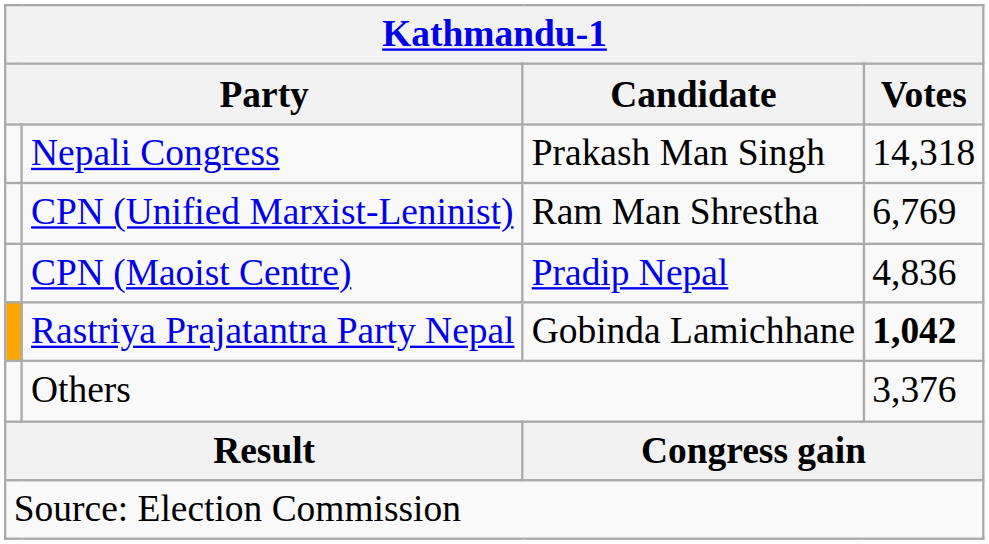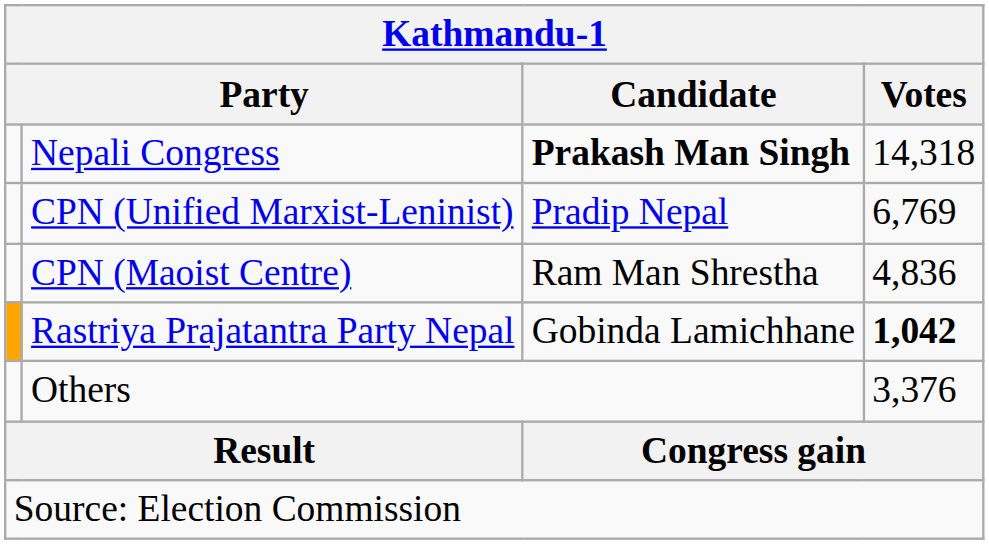 <table class="wikitable">
 <tr>
 <th colspan="4"><a href='#'>Kathmandu-1</a></th>
 </tr>
 <tr>
 <th colspan="2">Party</th>
 <th>Candidate</th>
 <th>Votes</th>
 </tr>
 <tr>
 <td style="background-color:"></td>
 <td><a href='#'>Nepali Congress</a></td>
-<td>Prakash Man Singh</td>
+<td><strong>Prakash Man Singh</strong></td>
 <td>14,318</td>
 </tr>
 <tr>
 <td style="background-color:"></td>
 <td><a href='#'>CPN (Unified Marxist-Leninist)</a></td>
-<td>Ram Man Shrestha</td>
+<td><a href='#'>Pradip Nepal</a></td>
 <td>6,769</td>
 </tr>
 <tr>
 <td style="background-color:"></td>
 <td><a href='#'>CPN (Maoist Centre)</a></td>
-<td><a href='#'>Pradip Nepal</a></td>
+<td>Ram Man Shrestha</td>
 <td>4,836</td>
 </tr>
 <tr>
 <td style="background-color:orange"></td>
 <td><a href='#'>Rastriya Prajatantra Party Nepal</a></td>
 <td>Gobinda Lamichhane</td>
 <td><strong>1,042</strong></td>
 </tr>
 <tr>
 <td></td>
 <td colspan="2">Others</td>
 <td>3,376</td>
 </tr>
 <tr>
 <th colspan="2">Result</th>
 <th colspan="2">Congress gain</th>
 </tr>
 <tr>
 <td colspan="4">Source: Election Commission</td>
 </tr>
 </table>
